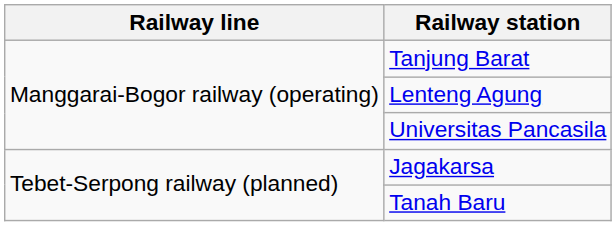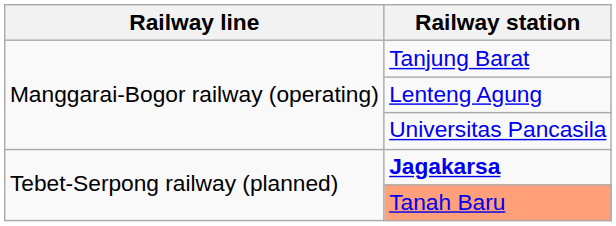 <table class="wikitable">
 <tr>
 <th>Railway line</th>
 <th>Railway station</th>
 </tr>
 <tr>
 <td rowspan="3">Manggarai-Bogor railway (operating)</td>
 <td><a href='#'>Tanjung Barat</a></td>
 </tr>
 <tr>
 <td><a href='#'>Lenteng Agung</a></td>
 </tr>
 <tr>
 <td><a href='#'>Universitas Pancasila</a></td>
 </tr>
 <tr>
 <td rowspan="2">Tebet-Serpong railway (planned)</td>
-<td><a href='#'>Jagakarsa</a></td>
+<td><strong><a href='#'>Jagakarsa</a></strong></td>
 </tr>
 <tr>
-<td><a href='#'>Tanah Baru</a></td>
+<td style="background: lightsalmon;"><a href='#'>Tanah Baru</a></td>
 </tr>
 </table>
